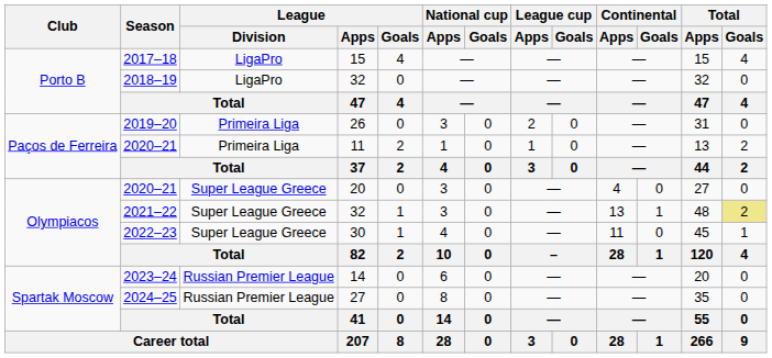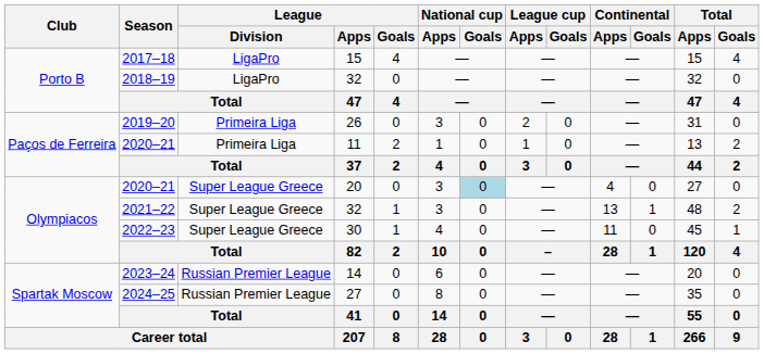 <table class="wikitable" style="text-align: center;">
 <tr>
 <th rowspan="2">Club</th>
 <th rowspan="2">Season</th>
 <th colspan="3">League</th>
 <th colspan="2">National cup</th>
 <th colspan="2">League cup</th>
 <th colspan="2">Continental</th>
 <th colspan="2">Total</th>
 </tr>
 <tr>
 <th>Division</th>
 <th>Apps</th>
 <th>Goals</th>
 <th>Apps</th>
 <th>Goals</th>
 <th>Apps</th>
 <th>Goals</th>
 <th>Apps</th>
 <th>Goals</th>
 <th>Apps</th>
 <th>Goals</th>
 </tr>
 <tr>
 <td rowspan="3"><a href='#'>Porto B</a></td>
 <td><a href='#'>2017–18</a></td>
 <td><a href='#'>LigaPro</a></td>
 <td>15</td>
 <td>4</td>
 <td colspan="2">—</td>
 <td colspan="2">—</td>
 <td colspan="2">—</td>
 <td>15</td>
 <td>4</td>
 </tr>
 <tr>
 <td><a href='#'>2018–19</a></td>
 <td>LigaPro</td>
 <td>32</td>
 <td>0</td>
 <td colspan="2">—</td>
 <td colspan="2">—</td>
 <td colspan="2">—</td>
 <td>32</td>
 <td>0</td>
 </tr>
 <tr>
 <th colspan="2">Total</th>
 <th>47</th>
 <th>4</th>
 <th colspan="2">—</th>
 <th colspan="2">—</th>
 <th colspan="2">—</th>
 <th>47</th>
 <th>4</th>
 </tr>
 <tr>
 <td rowspan="3"><a href='#'>Paços de Ferreira</a></td>
 <td><a href='#'>2019–20</a></td>
 <td><a href='#'>Primeira Liga</a></td>
 <td>26</td>
 <td>0</td>
 <td>3</td>
 <td>0</td>
 <td>2</td>
 <td>0</td>
 <td colspan="2">—</td>
 <td>31</td>
 <td>0</td>
 </tr>
 <tr>
 <td><a href='#'>2020–21</a></td>
 <td>Primeira Liga</td>
 <td>11</td>
 <td>2</td>
 <td>1</td>
 <td>0</td>
 <td>1</td>
 <td>0</td>
 <td colspan="2">—</td>
 <td>13</td>
 <td>2</td>
 </tr>
 <tr>
 <th colspan="2">Total</th>
 <th>37</th>
 <th>2</th>
 <th>4</th>
 <th>0</th>
 <th>3</th>
 <th>0</th>
 <th colspan="2">—</th>
 <th>44</th>
 <th>2</th>
 </tr>
 <tr>
 <td rowspan="4"><a href='#'>Olympiacos</a></td>
 <td><a href='#'>2020–21</a></td>
 <td><a href='#'>Super League Greece</a></td>
 <td>20</td>
 <td>0</td>
 <td>3</td>
-<td>0</td>
+<td style="background: lightblue;">0</td>
 <td colspan="2">—</td>
 <td>4</td>
 <td>0</td>
 <td>27</td>
 <td>0</td>
 </tr>
 <tr>
 <td><a href='#'>2021–22</a></td>
 <td>Super League Greece</td>
 <td>32</td>
 <td>1</td>
 <td>3</td>
 <td>0</td>
 <td colspan="2">—</td>
 <td>13</td>
 <td>1</td>
 <td>48</td>
-<td style="background: khaki;">2</td>
+<td>2</td>
 </tr>
 <tr>
 <td><a href='#'>2022–23</a></td>
 <td>Super League Greece</td>
 <td>30</td>
 <td>1</td>
 <td>4</td>
 <td>0</td>
 <td colspan="2">—</td>
 <td>11</td>
 <td>0</td>
 <td>45</td>
 <td>1</td>
 </tr>
 <tr>
 <th colspan="2">Total</th>
 <th>82</th>
 <th>2</th>
 <th>10</th>
 <th>0</th>
 <th colspan="2">–</th>
 <th>28</th>
 <th>1</th>
 <th>120</th>
 <th>4</th>
 </tr>
 <tr>
 <td rowspan="3"><a href='#'>Spartak Moscow</a></td>
 <td><a href='#'>2023–24</a></td>
 <td><a href='#'>Russian Premier League</a></td>
 <td>14</td>
 <td>0</td>
 <td>6</td>
 <td>0</td>
 <td colspan="2">—</td>
 <td colspan="2">—</td>
 <td>20</td>
 <td>0</td>
 </tr>
 <tr>
 <td><a href='#'>2024–25</a></td>
 <td>Russian Premier League</td>
 <td>27</td>
 <td>0</td>
 <td>8</td>
 <td>0</td>
 <td colspan="2">—</td>
 <td colspan="2">—</td>
 <td>35</td>
 <td>0</td>
 </tr>
 <tr>
 <th colspan="2">Total</th>
 <th>41</th>
 <th>0</th>
 <th>14</th>
 <th>0</th>
 <th colspan="2">—</th>
 <th colspan="2">—</th>
 <th>55</th>
 <th>0</th>
 </tr>
 <tr>
 <th colspan="3">Career total</th>
 <th>207</th>
 <th>8</th>
 <th>28</th>
 <th>0</th>
 <th>3</th>
 <th>0</th>
 <th>28</th>
 <th>1</th>
 <th>266</th>
 <th>9</th>
 </tr>
 </table>
